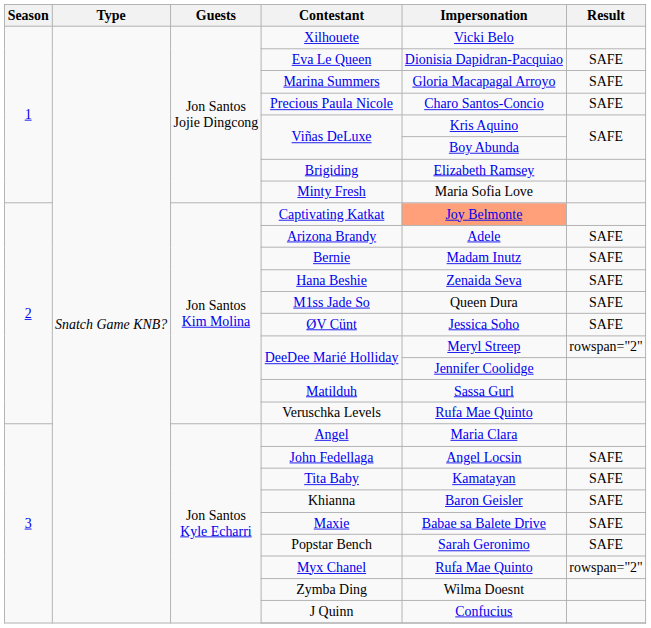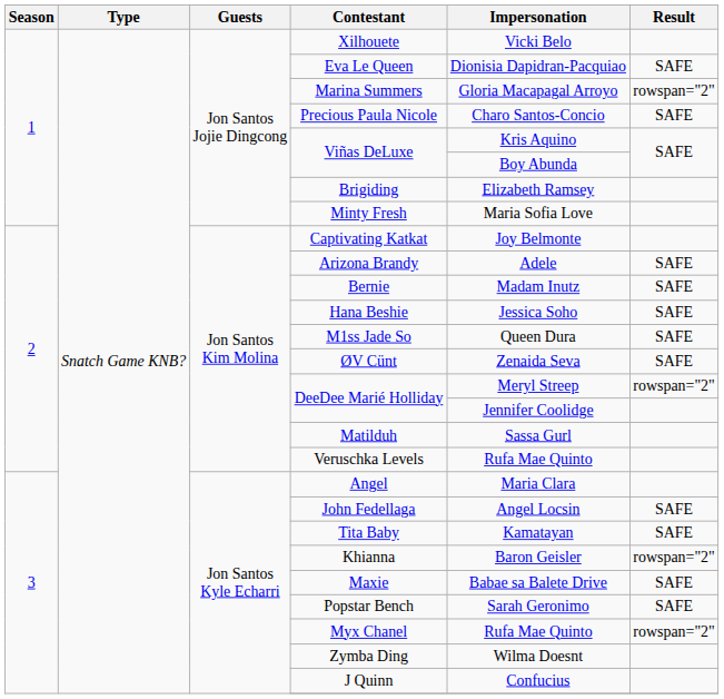 <table class="wikitable" style="text-align:center">
 <tr>
 <th>Season</th>
 <th>Type</th>
 <th>Guests</th>
 <th>Contestant</th>
 <th>Impersonation</th>
 <th>Result</th>
 </tr>
 <tr>
 <td rowspan="8"><a href='#'>1</a></td>
 <td rowspan="28"><em>Snatch Game KNB?</em></td>
 <td rowspan="8" nowrap>Jon Santos<br>Jojie Dingcong</td>
 <td><a href='#'>Xilhouete</a></td>
 <td><a href='#'>Vicki Belo</a></td>
 <td></td>
 </tr>
 <tr>
 <td><a href='#'>Eva Le Queen</a></td>
 <td nowrap><a href='#'>Dionisia Dapidran-Pacquiao</a></td>
 <td>SAFE</td>
 </tr>
 <tr>
 <td><a href='#'>Marina Summers</a></td>
 <td><a href='#'>Gloria Macapagal Arroyo</a></td>
-<td>SAFE</td>
+<td>rowspan="2" </td>
 </tr>
 <tr>
 <td><a href='#'>Precious Paula Nicole</a></td>
 <td><a href='#'>Charo Santos-Concio</a></td>
 <td>SAFE</td>
 </tr>
 <tr>
 <td rowspan="2"><a href='#'>Viñas DeLuxe</a></td>
 <td><a href='#'>Kris Aquino</a></td>
 <td rowspan="2">SAFE</td>
 </tr>
 <tr>
 <td><a href='#'>Boy Abunda</a></td>
 </tr>
 <tr>
 <td><a href='#'>Brigiding</a></td>
 <td><a href='#'>Elizabeth Ramsey</a></td>
 <td></td>
 </tr>
 <tr>
 <td><a href='#'>Minty Fresh</a></td>
 <td>Maria Sofia Love</td>
 <td></td>
 </tr>
 <tr>
 <td rowspan="10"><a href='#'>2</a></td>
 <td rowspan="10">Jon Santos<br><a href='#'>Kim Molina</a></td>
 <td><a href='#'>Captivating Katkat</a></td>
-<td style="background: lightsalmon;"><a href='#'>Joy Belmonte</a></td>
+<td><a href='#'>Joy Belmonte</a></td>
 <td></td>
 </tr>
 <tr>
 <td><a href='#'>Arizona Brandy</a></td>
 <td><a href='#'>Adele</a></td>
 <td>SAFE</td>
 </tr>
 <tr>
 <td><a href='#'>Bernie</a></td>
 <td><a href='#'>Madam Inutz</a></td>
 <td>SAFE</td>
 </tr>
 <tr>
 <td><a href='#'>Hana Beshie</a></td>
-<td><a href='#'>Zenaida Seva</a></td>
+<td><a href='#'>Jessica Soho</a></td>
 <td>SAFE</td>
 </tr>
 <tr>
 <td><a href='#'>M1ss Jade So</a></td>
 <td>Queen Dura</td>
 <td>SAFE</td>
 </tr>
 <tr>
 <td><a href='#'>ØV Cünt</a></td>
-<td><a href='#'>Jessica Soho</a></td>
+<td><a href='#'>Zenaida Seva</a></td>
 <td>SAFE</td>
 </tr>
 <tr>
 <td rowspan="2" nowrap><a href='#'>DeeDee Marié Holliday</a></td>
 <td><a href='#'>Meryl Streep</a></td>
 <td>rowspan="2" </td>
 </tr>
 <tr>
 <td><a href='#'>Jennifer Coolidge</a></td>
 </tr>
 <tr>
 <td><a href='#'>Matilduh</a></td>
 <td><a href='#'>Sassa Gurl</a></td>
 <td></td>
 </tr>
 <tr>
 <td>Veruschka Levels</td>
 <td><a href='#'>Rufa Mae Quinto</a></td>
 <td></td>
 </tr>
 <tr>
 <td rowspan="10"><a href='#'>3</a></td>
 <td rowspan="10">Jon Santos<br><a href='#'>Kyle Echarri</a></td>
 <td><a href='#'>Angel</a></td>
 <td><a href='#'>Maria Clara</a></td>
 <td></td>
 </tr>
 <tr>
 <td><a href='#'>John Fedellaga</a></td>
 <td><a href='#'>Angel Locsin</a></td>
 <td>SAFE</td>
 </tr>
 <tr>
 <td><a href='#'>Tita Baby</a></td>
 <td><a href='#'>Kamatayan</a></td>
 <td>SAFE</td>
 </tr>
 <tr>
 <td>Khianna</td>
 <td><a href='#'>Baron Geisler</a></td>
-<td>SAFE</td>
+<td>rowspan="2" </td>
 </tr>
 <tr>
 <td><a href='#'>Maxie</a></td>
 <td><a href='#'>Babae sa Balete Drive</a></td>
 <td>SAFE</td>
 </tr>
 <tr>
 <td>Popstar Bench</td>
 <td><a href='#'>Sarah Geronimo</a></td>
 <td>SAFE</td>
 </tr>
 <tr>
 <td><a href='#'>Myx Chanel</a></td>
 <td><a href='#'>Rufa Mae Quinto</a></td>
 <td>rowspan="2" </td>
 </tr>
 <tr>
 <td>Zymba Ding</td>
 <td>Wilma Doesnt</td>
 <td></td>
 </tr>
 <tr>
 <td>J Quinn</td>
 <td><a href='#'>Confucius</a></td>
 <td></td>
 </tr>
 <tr>
 </tr>
 </table>
